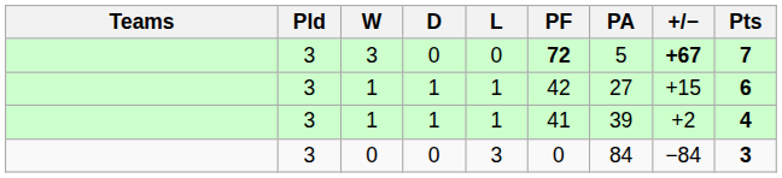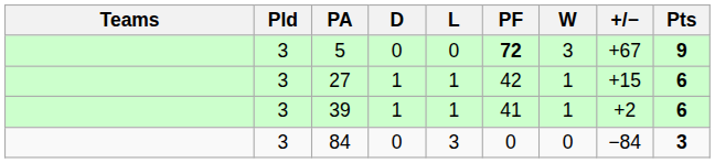 <table class="wikitable" style="text-align: center;">
 <tr>
 <th width="200">Teams</th>
 <th width="40">Pld</th>
-<th width="40">W</th>
+<th width="40">PA</th>
 <th width="40">D</th>
 <th width="40">L</th>
 <th width="40">PF</th>
-<th width="40">PA</th>
+<th width="40">W</th>
 <th width="40">+/−</th>
 <th width="40">Pts</th>
 </tr>
 <tr style="background:#cfc; width:20px;">
 <td align=left></td>
 <td>3</td>
-<td>3</td>
+<td>5</td>
 <td>0</td>
 <td>0</td>
 <td><strong>72</strong></td>
-<td>5</td>
-<td><strong>+67</strong></td>
-<td><strong>7</strong></td>
+<td>3</td>
+<td>+67</td>
+<td><strong>9</strong></td>
 </tr>
 <tr style="background:#cfc; width:20px;">
 <td align=left></td>
 <td>3</td>
-<td>1</td>
+<td>27</td>
 <td>1</td>
 <td>1</td>
 <td>42</td>
-<td>27</td>
+<td>1</td>
 <td>+15</td>
 <td><strong>6</strong></td>
 </tr>
 <tr style="background:#cfc; width:20px;">
 <td align=left></td>
 <td>3</td>
-<td>1</td>
+<td>39</td>
 <td>1</td>
 <td>1</td>
 <td>41</td>
-<td>39</td>
+<td>1</td>
 <td>+2</td>
-<td><strong>4</strong></td>
+<td><strong>6</strong></td>
 </tr>
 <tr>
 <td align=left></td>
 <td>3</td>
-<td>0</td>
+<td>84</td>
 <td>0</td>
 <td>3</td>
 <td>0</td>
-<td>84</td>
+<td>0</td>
 <td>−84</td>
 <td><strong>3</strong></td>
 </tr>
 </table>
